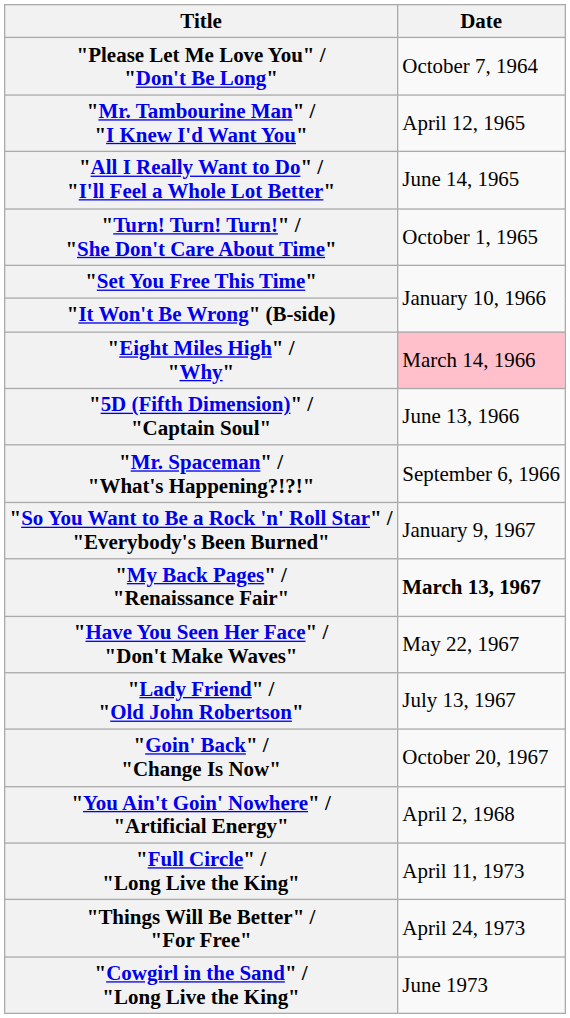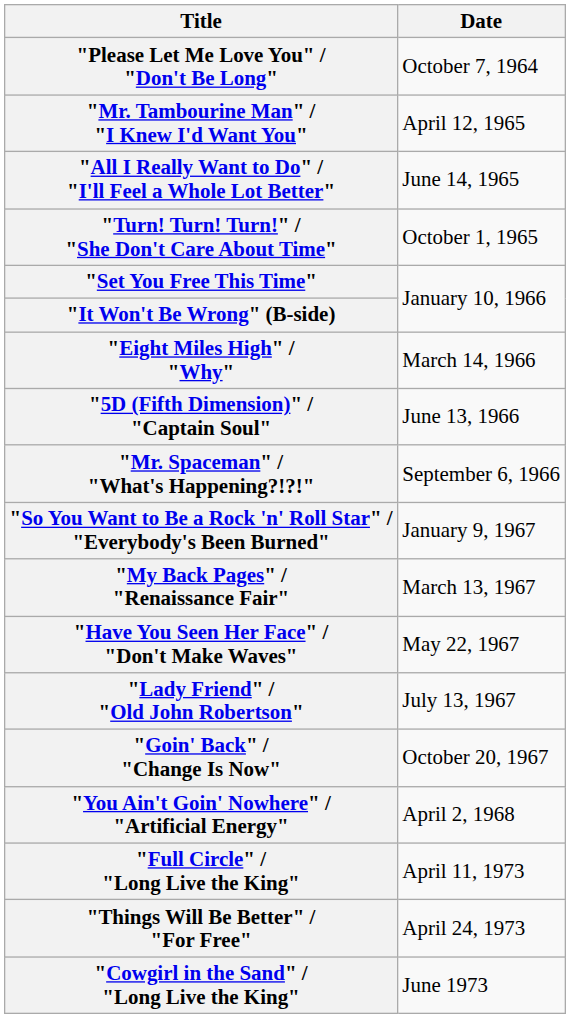 <table class="wikitable">
 <tr>
 <th>Title</th>
 <th>Date</th>
 </tr>
 <tr>
 <th>"Please Let Me Love You" /<br>"<a href='#'>Don't Be Long</a>"</th>
 <td>October 7, 1964</td>
 </tr>
 <tr>
 <th>"<a href='#'>Mr. Tambourine Man</a>" /<br>"<a href='#'>I Knew I'd Want You</a>"</th>
 <td>April 12, 1965</td>
 </tr>
 <tr>
 <th>"<a href='#'>All I Really Want to Do</a>" /<br>"<a href='#'>I'll Feel a Whole Lot Better</a>"</th>
 <td>June 14, 1965</td>
 </tr>
 <tr>
 <th>"<a href='#'>Turn! Turn! Turn!</a>" /<br>"<a href='#'>She Don't Care About Time</a>"</th>
 <td>October 1, 1965</td>
 </tr>
 <tr>
 <th>"<a href='#'>Set You Free This Time</a>"</th>
 <td rowspan="2">January 10, 1966</td>
 </tr>
 <tr>
 <th>"<a href='#'>It Won't Be Wrong</a>" (B-side)</th>
 </tr>
 <tr>
 <th>"<a href='#'>Eight Miles High</a>" /<br>"<a href='#'>Why</a>"</th>
-<td style="background: pink;">March 14, 1966</td>
+<td>March 14, 1966</td>
 </tr>
 <tr>
 <th>"<a href='#'>5D (Fifth Dimension)</a>" /<br>"Captain Soul"</th>
 <td>June 13, 1966</td>
 </tr>
 <tr>
 <th>"<a href='#'>Mr. Spaceman</a>" /<br>"What's Happening?!?!"</th>
 <td>September 6, 1966</td>
 </tr>
 <tr>
 <th>"<a href='#'>So You Want to Be a Rock 'n' Roll Star</a>" /<br>"Everybody's Been Burned"</th>
 <td>January 9, 1967</td>
 </tr>
 <tr>
 <th>"<a href='#'>My Back Pages</a>" /<br>"Renaissance Fair"</th>
-<td><strong>March 13, 1967</strong></td>
+<td>March 13, 1967</td>
 </tr>
 <tr>
 <th>"<a href='#'>Have You Seen Her Face</a>" /<br>"Don't Make Waves"</th>
 <td>May 22, 1967</td>
 </tr>
 <tr>
 <th>"<a href='#'>Lady Friend</a>" /<br>"<a href='#'>Old John Robertson</a>"</th>
 <td>July 13, 1967</td>
 </tr>
 <tr>
 <th>"<a href='#'>Goin' Back</a>" /<br>"Change Is Now"</th>
 <td>October 20, 1967</td>
 </tr>
 <tr>
 <th>"<a href='#'>You Ain't Goin' Nowhere</a>" /<br>"Artificial Energy"</th>
 <td>April 2, 1968</td>
 </tr>
 <tr>
 <th>"<a href='#'>Full Circle</a>" /<br>"Long Live the King"</th>
 <td>April 11, 1973</td>
 </tr>
 <tr>
 <th>"Things Will Be Better" /<br>"For Free"</th>
 <td>April 24, 1973</td>
 </tr>
 <tr>
 <th>"<a href='#'>Cowgirl in the Sand</a>" /<br>"Long Live the King"</th>
 <td>June 1973</td>
 </tr>
 </table>
